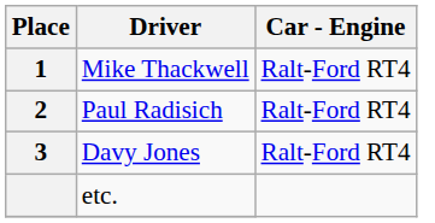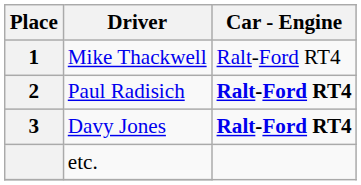 <table class="wikitable" style="font-size: 90%;">
 <tr>
 <th>Place</th>
 <th>Driver</th>
 <th>Car - Engine</th>
 </tr>
 <tr>
 <th>1</th>
 <td> <a href='#'>Mike Thackwell</a></td>
 <td><a href='#'>Ralt</a>-<a href='#'>Ford</a> RT4</td>
 </tr>
 <tr>
 <th>2</th>
 <td> <a href='#'>Paul Radisich</a></td>
-<td><a href='#'>Ralt</a>-<a href='#'>Ford</a> RT4</td>
+<td><strong><a href='#'>Ralt</a>-<a href='#'>Ford</a> RT4</strong></td>
 </tr>
 <tr>
 <th>3</th>
 <td> <a href='#'>Davy Jones</a></td>
-<td><a href='#'>Ralt</a>-<a href='#'>Ford</a> RT4</td>
+<td><strong><a href='#'>Ralt</a>-<a href='#'>Ford</a> RT4</strong></td>
 </tr>
 <tr>
 <th></th>
 <td>etc.</td>
 </tr>
 <tr>
 </tr>
 </table>
